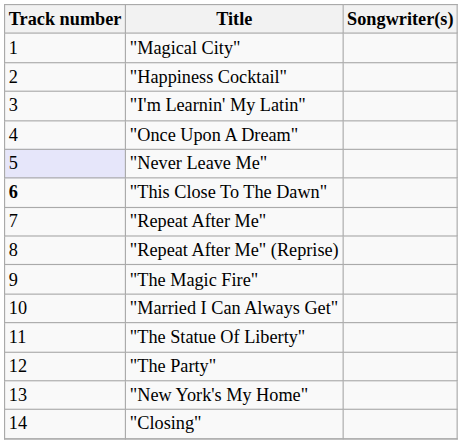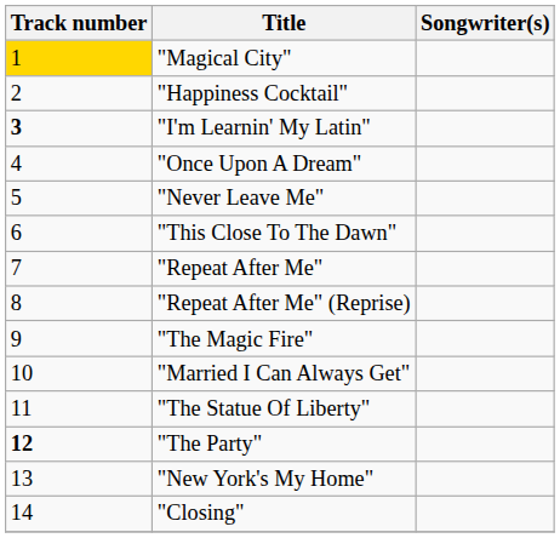 <table class="wikitable">
 <tr>
 <th>Track number</th>
 <th>Title</th>
 <th>Songwriter(s)</th>
 </tr>
 <tr>
-<td>1</td>
+<td style="background: gold;">1</td>
 <td>"Magical City"</td>
 <td><small></small></td>
 </tr>
 <tr>
 <td>2</td>
 <td>"Happiness Cocktail"</td>
 <td><small></small></td>
 </tr>
 <tr>
-<td>3</td>
+<td><strong>3</strong></td>
 <td>"I'm Learnin' My Latin"</td>
 <td><small></small></td>
 </tr>
 <tr>
 <td>4</td>
 <td>"Once Upon A Dream"</td>
 <td><small></small></td>
 </tr>
 <tr>
-<td style="background: lavender;">5</td>
+<td>5</td>
 <td>"Never Leave Me"</td>
 <td><small></small></td>
 </tr>
 <tr>
-<td><strong>6</strong></td>
+<td>6</td>
 <td>"This Close To The Dawn"</td>
 <td><small></small></td>
 </tr>
 <tr>
 <td>7</td>
 <td>"Repeat After Me"</td>
 <td><small></small></td>
 </tr>
 <tr>
 <td>8</td>
 <td>"Repeat After Me" (Reprise)</td>
 <td><small></small></td>
 </tr>
 <tr>
 <td>9</td>
 <td>"The Magic Fire"</td>
 <td><small></small></td>
 </tr>
 <tr>
 <td>10</td>
 <td>"Married I Can Always Get"</td>
 <td><small></small></td>
 </tr>
 <tr>
 <td>11</td>
 <td>"The Statue Of Liberty"</td>
 <td><small></small></td>
 </tr>
 <tr>
-<td>12</td>
+<td><strong>12</strong></td>
 <td>"The Party"</td>
 <td><small></small></td>
 </tr>
 <tr>
 <td>13</td>
 <td>"New York's My Home"</td>
 <td><small></small></td>
 </tr>
 <tr>
 <td>14</td>
 <td>"Closing"</td>
 <td><small></small></td>
 </tr>
 <tr>
 </tr>
 </table>
